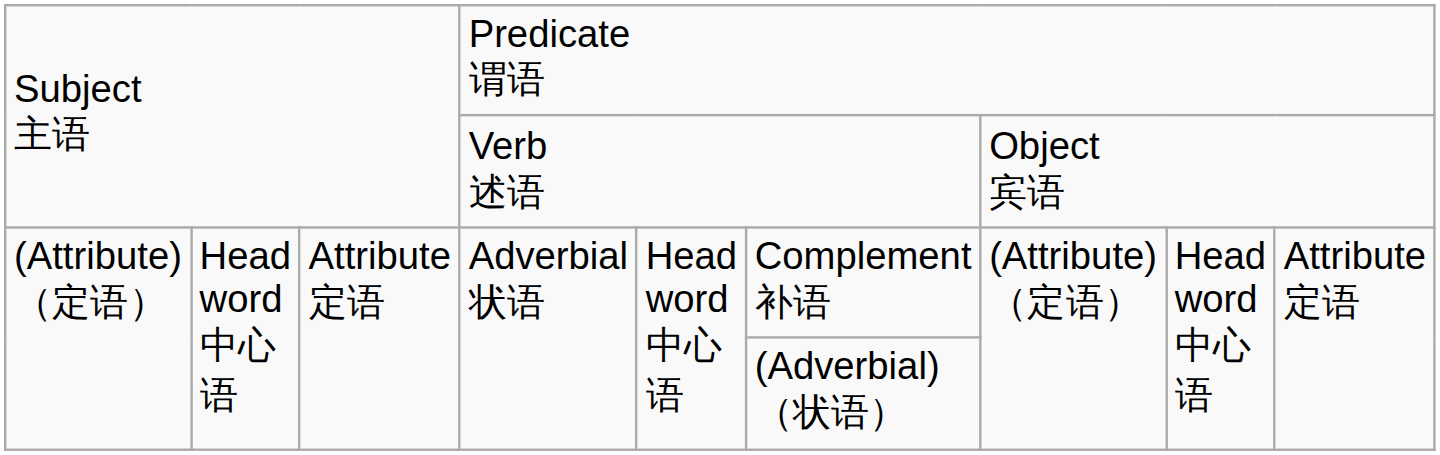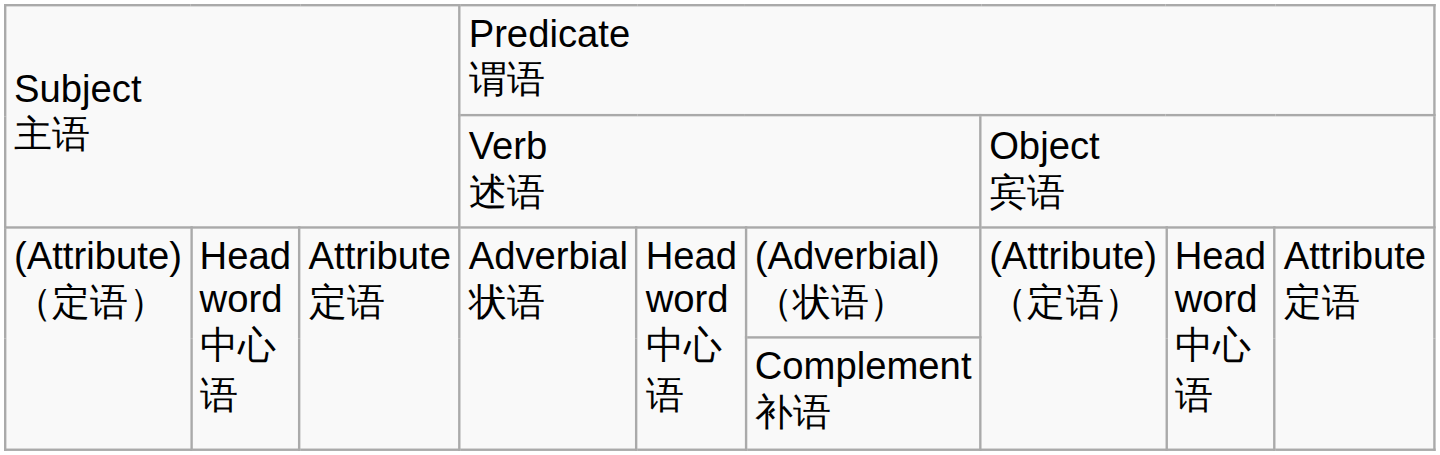 <table class="wikitable" width="482">
 <tr>
 <td colspan="3" rowspan="2" width="154">Subject<br>主语</td>
 <td colspan="6" width="328" valign="top">Predicate<br>谓语</td>
 </tr>
 <tr>
 <td colspan="3" width="174" valign="top">Verb<br>述语</td>
 <td colspan="3" width="153" valign="top">Object<br>宾语</td>
 </tr>
 <tr>
 <td rowspan="2" width="54" valign="top">(Attribute)<br>（定语）</td>
 <td rowspan="2" width="44" valign="top">Head word<br>中心语</td>
 <td rowspan="2" width="56" valign="top">Attribute<br>定语</td>
 <td rowspan="2" width="58" valign="top">Adverbial<br>状语</td>
 <td rowspan="2" width="44" valign="top">Head word<br>中心语</td>
-<td width="72" valign="top">Complement<br>补语</td>
+<td width="72" valign="top">(Adverbial)<br>（状语）</td>
 <td rowspan="2" width="54" valign="top">(Attribute)<br>（定语）</td>
 <td rowspan="2" width="45" valign="top">Head word<br>中心语</td>
 <td rowspan="2" width="54" valign="top">Attribute<br>定语</td>
 </tr>
 <tr>
-<td width="72" valign="top">(Adverbial)<br>（状语）</td>
+<td width="72" valign="top">Complement<br>补语</td>
 </tr>
 </table>
